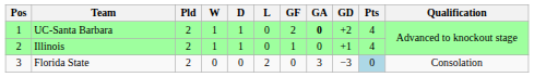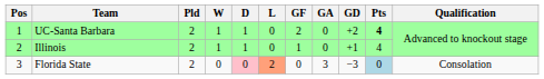 <table class="wikitable" style="text-align:center; margin: 1em auto">
 <tr>
 <th style="width:2em">Pos</th>
 <th style="width:13em">Team</th>
 <th style="width:2em">Pld</th>
 <th style="width:2em">W</th>
 <th style="width:2em">D</th>
 <th style="width:2em">L</th>
 <th style="width:2em">GF</th>
 <th style="width:2em">GA</th>
 <th style="width:2em">GD</th>
 <th style="width:2em">Pts</th>
 <th style="width:13em">Qualification</th>
 </tr>
 <tr bgcolor="#9eff9e">
 <td>1</td>
 <td style="text-align:left">UC-Santa Barbara</td>
 <td>2</td>
 <td>1</td>
 <td>1</td>
 <td>0</td>
 <td>2</td>
-<td><strong>0</strong></td>
+<td>0</td>
 <td>+2</td>
-<td>4</td>
+<td><strong>4</strong></td>
 <td rowspan="2">Advanced to knockout stage</td>
 </tr>
 <tr bgcolor="#9eff9e">
 <td>2</td>
 <td style="text-align:left">Illinois</td>
 <td>2</td>
 <td>1</td>
 <td>1</td>
 <td>0</td>
 <td>1</td>
 <td>0</td>
 <td>+1</td>
 <td>4</td>
 </tr>
 <tr>
 <td>3</td>
 <td style="text-align:left">Florida State</td>
 <td>2</td>
 <td>0</td>
-<td>0</td>
-<td>2</td>
+<td style="background: pink;">0</td>
+<td style="background: lightsalmon;">2</td>
 <td>0</td>
 <td>3</td>
 <td>−3</td>
 <td style="background: lightblue;">0</td>
 <td>Consolation</td>
 </tr>
 </table>
